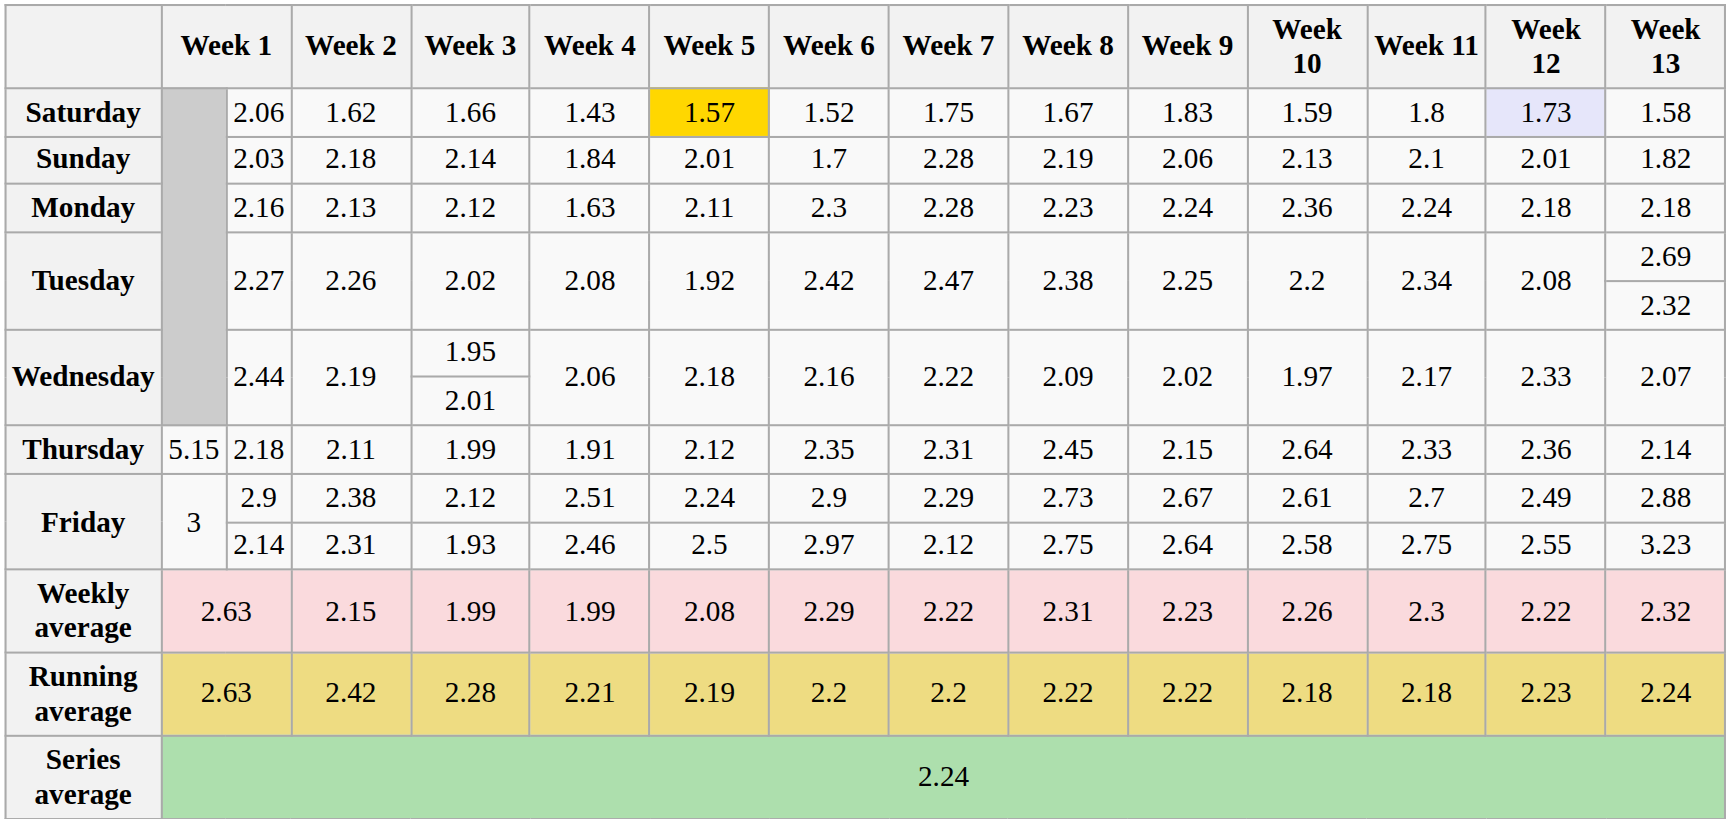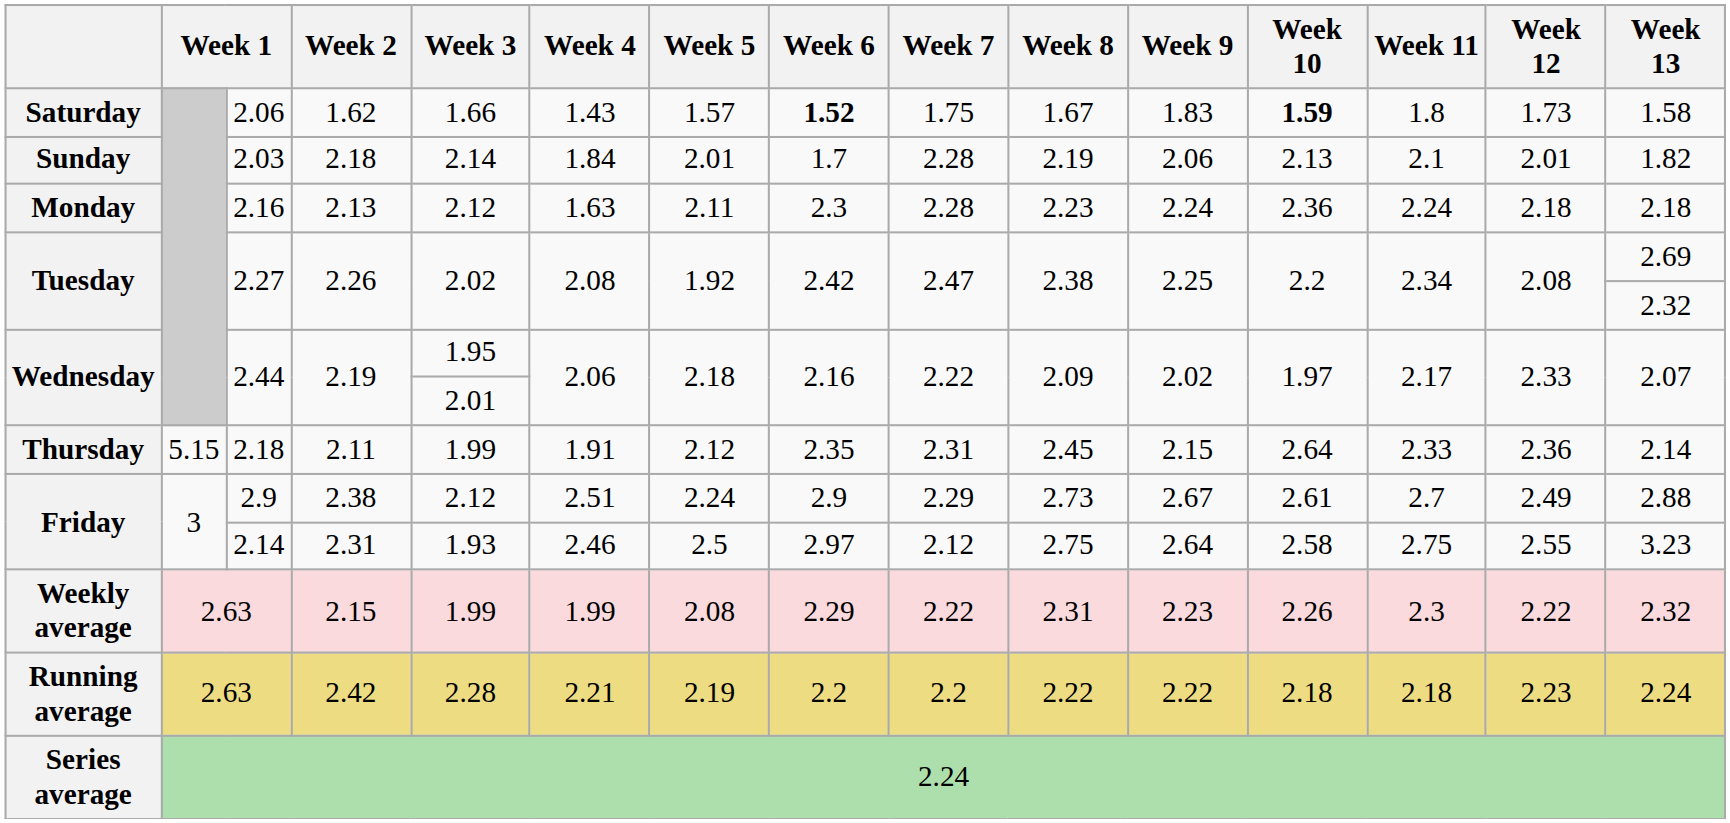 <table class="wikitable" style="font-size:90%; text-align:center; width: 96%; margin-left: auto; margin-right: auto;">
 <tr>
 <th style="width:7%"></th>
 <th style="width:7%" colspan=2>Week 1</th>
 <th style="width:7%">Week 2</th>
 <th style="width:7%">Week 3</th>
 <th style="width:7%">Week 4</th>
 <th style="width:7%">Week 5</th>
 <th style="width:7%">Week 6</th>
 <th style="width:7%">Week 7</th>
 <th style="width:7%">Week 8</th>
 <th style="width:7%">Week 9</th>
 <th style="width:7%">Week 10</th>
 <th style="width:7%">Week 11</th>
 <th style="width:7%">Week 12</th>
 <th style="width:7%">Week 13</th>
 </tr>
 <tr>
 <th>Saturday</th>
 <td style="background:#ccc;" rowspan="7"></td>
 <td>2.06</td>
 <td>1.62</td>
 <td>1.66</td>
 <td>1.43</td>
-<td style="background: gold;">1.57</td>
-<td>1.52</td>
+<td>1.57</td>
+<td><strong>1.52</strong></td>
 <td>1.75</td>
 <td>1.67</td>
 <td>1.83</td>
-<td>1.59</td>
+<td><strong>1.59</strong></td>
 <td>1.8</td>
-<td style="background: lavender;">1.73</td>
+<td>1.73</td>
 <td>1.58</td>
 </tr>
 <tr>
 <th>Sunday</th>
 <td>2.03</td>
 <td>2.18</td>
 <td>2.14</td>
 <td>1.84</td>
 <td>2.01</td>
 <td>1.7</td>
 <td>2.28</td>
 <td>2.19</td>
 <td>2.06</td>
 <td>2.13</td>
 <td>2.1</td>
 <td>2.01</td>
 <td>1.82</td>
 </tr>
 <tr>
 <th>Monday</th>
 <td>2.16</td>
 <td>2.13</td>
 <td>2.12</td>
 <td>1.63</td>
 <td>2.11</td>
 <td>2.3</td>
 <td>2.28</td>
 <td>2.23</td>
 <td>2.24</td>
 <td>2.36</td>
 <td>2.24</td>
 <td>2.18</td>
 <td>2.18</td>
 </tr>
 <tr>
 <th rowspan="2">Tuesday</th>
 <td rowspan="2">2.27</td>
 <td rowspan="2">2.26</td>
 <td rowspan="2">2.02</td>
 <td rowspan="2">2.08</td>
 <td rowspan="2">1.92</td>
 <td rowspan="2">2.42</td>
 <td rowspan="2">2.47</td>
 <td rowspan="2">2.38</td>
 <td rowspan="2">2.25</td>
 <td rowspan="2">2.2</td>
 <td rowspan="2">2.34</td>
 <td rowspan="2">2.08</td>
 <td>2.69</td>
 </tr>
 <tr>
 <td>2.32</td>
 </tr>
 <tr>
 <th rowspan="2">Wednesday</th>
 <td rowspan="2">2.44</td>
 <td rowspan="2">2.19</td>
 <td>1.95</td>
 <td rowspan="2">2.06</td>
 <td rowspan="2">2.18</td>
 <td rowspan="2">2.16</td>
 <td rowspan="2">2.22</td>
 <td rowspan="2">2.09</td>
 <td rowspan="2">2.02</td>
 <td rowspan="2">1.97</td>
 <td rowspan="2">2.17</td>
 <td rowspan="2">2.33</td>
 <td rowspan="2">2.07</td>
 </tr>
 <tr>
 <td>2.01</td>
 </tr>
 <tr>
 <th>Thursday</th>
 <td>5.15</td>
 <td>2.18</td>
 <td>2.11</td>
 <td>1.99</td>
 <td>1.91</td>
 <td>2.12</td>
 <td>2.35</td>
 <td>2.31</td>
 <td>2.45</td>
 <td>2.15</td>
 <td>2.64</td>
 <td>2.33</td>
 <td>2.36</td>
 <td>2.14</td>
 </tr>
 <tr>
 <th rowspan="2">Friday</th>
 <td rowspan="2">3</td>
 <td rowspan="1">2.9</td>
 <td>2.38</td>
 <td>2.12</td>
 <td>2.51</td>
 <td>2.24</td>
 <td>2.9</td>
 <td>2.29</td>
 <td>2.73</td>
 <td>2.67</td>
 <td>2.61</td>
 <td>2.7</td>
 <td>2.49</td>
 <td>2.88</td>
 </tr>
 <tr>
 <td>2.14</td>
 <td>2.31</td>
 <td>1.93</td>
 <td>2.46</td>
 <td>2.5</td>
 <td>2.97</td>
 <td>2.12</td>
 <td>2.75</td>
 <td>2.64</td>
 <td>2.58</td>
 <td>2.75</td>
 <td>2.55</td>
 <td>3.23</td>
 </tr>
 <tr>
 <th>Weekly<br>average</th>
 <td colspan="2" style="background:#FADADD;">2.63</td>
 <td style="background:#FADADD;">2.15</td>
 <td style="background:#FADADD;">1.99</td>
 <td style="background:#FADADD;">1.99</td>
 <td style="background:#FADADD;">2.08</td>
 <td style="background:#FADADD;">2.29</td>
 <td style="background:#FADADD;">2.22</td>
 <td style="background:#FADADD;">2.31</td>
 <td style="background:#FADADD;">2.23</td>
 <td style="background:#FADADD;">2.26</td>
 <td style="background:#FADADD;">2.3</td>
 <td style="background:#FADADD;">2.22</td>
 <td style="background:#FADADD;">2.32</td>
 </tr>
 <tr>
 <th>Running<br>average</th>
 <td colspan="2" style="background:#EEDC82;">2.63</td>
 <td style="background:#EEDC82;">2.42</td>
 <td style="background:#EEDC82;">2.28</td>
 <td style="background:#EEDC82;">2.21</td>
 <td style="background:#EEDC82;">2.19</td>
 <td style="background:#EEDC82;">2.2</td>
 <td style="background:#EEDC82;">2.2</td>
 <td style="background:#EEDC82;">2.22</td>
 <td style="background:#EEDC82;">2.22</td>
 <td style="background:#EEDC82;">2.18</td>
 <td style="background:#EEDC82;">2.18</td>
 <td style="background:#EEDC82;">2.23</td>
 <td style="background:#EEDC82;">2.24</td>
 </tr>
 <tr>
 <th>Series<br>average</th>
 <td colspan="14" style="background:#ADDFAD;">2.24</td>
 </tr>
 </table>
